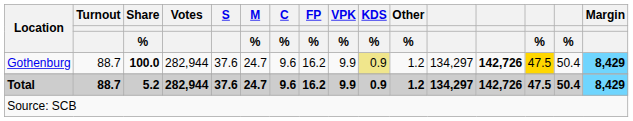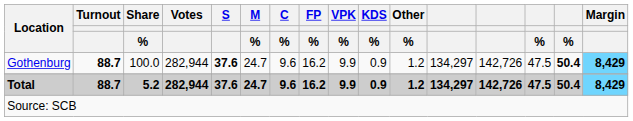 <table class="wikitable sortable" style="text-align:right; font-size:95%; line-height:20px;">
 <tr>
 <th rowspan="3">Location</th>
 <th>Turnout</th>
 <th>Share</th>
 <th>Votes</th>
 <th width="30px" class="unsortable"><a href='#'>S</a></th>
 <th width="30px" class="unsortable"><a href='#'>M</a></th>
 <th width="30px" class="unsortable"><a href='#'>C</a></th>
 <th width="30px" class="unsortable"><a href='#'>FP</a></th>
 <th width="30px" class="unsortable"><a href='#'>VPK</a></th>
 <th width="30px" class="unsortable"><a href='#'>KDS</a></th>
 <th width="30px" class="unsortable">Other</th>
 <th></th>
 <th></th>
 <th></th>
 <th></th>
 <th>Margin</th>
 </tr>
 <tr>
 <th></th>
 <th></th>
 <th></th>
 <th style="background:"></th>
 <th style="background:"></th>
 <th style="background:"></th>
 <th style="background:"></th>
 <th style="background:"></th>
 <th style="background:"></th>
 <th style="background:"></th>
 <th style="background:"></th>
 <th style="background:"></th>
 <th style="background:"></th>
 <th style="background:"></th>
 <th></th>
 </tr>
 <tr>
 <th></th>
 <th data-sort-type="number">%</th>
 <th data-sort-type="number"></th>
 <th></th>
 <th data-sort-type="number">%</th>
 <th data-sort-type="number">%</th>
 <th data-sort-type="number">%</th>
 <th data-sort-type="number">%</th>
 <th data-sort-type="number">%</th>
 <th data-sort-type="number">%</th>
 <th data-sort-type="number"></th>
 <th data-sort-type="number"></th>
 <th data-sort-type="number">%</th>
 <th data-sort-type="number">%</th>
 <th data-sort-type="number"></th>
 </tr>
 <tr>
 <td align=left><a href='#'>Gothenburg</a></td>
-<td>88.7</td>
-<td><strong>100.0</strong></td>
+<td><strong>88.7</strong></td>
+<td>100.0</td>
 <td>282,944</td>
-<td>37.6</td>
+<td><strong>37.6</strong></td>
 <td>24.7</td>
 <td>9.6</td>
 <td>16.2</td>
 <td>9.9</td>
-<td style="background: khaki;">0.9</td>
+<td>0.9</td>
 <td>1.2</td>
 <td>134,297</td>
-<td><strong>142,726</strong></td>
-<td style="background: gold;">47.5</td>
-<td>50.4</td>
+<td>142,726</td>
+<td>47.5</td>
+<td><strong>50.4</strong></td>
 <td bgcolor=#6fd5fe><strong>8,429</strong></td>
 </tr>
 <tr>
 </tr>
 <tr style="background:#CDCDCD;">
 <td align=left><strong>Total</strong></td>
 <td><strong>88.7</strong></td>
 <td><strong>5.2</strong></td>
 <td><strong>282,944</strong></td>
 <td><strong>37.6</strong></td>
 <td><strong>24.7</strong></td>
 <td><strong>9.6</strong></td>
 <td><strong>16.2</strong></td>
 <td><strong>9.9</strong></td>
 <td><strong>0.9</strong></td>
 <td><strong>1.2</strong></td>
 <td><strong>134,297</strong></td>
 <td><strong>142,726</strong></td>
 <td><strong>47.5</strong></td>
 <td><strong>50.4</strong></td>
 <td bgcolor=#6fd5fe><strong>8,429</strong></td>
 </tr>
 <tr>
 <td align=left colspan=16>Source: SCB </td>
 </tr>
 </table>
